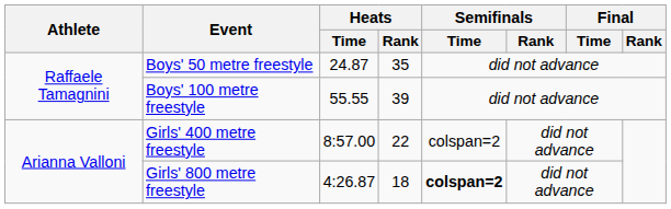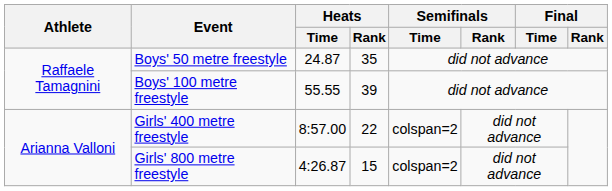 <table class=wikitable style="text-align:center;font-size:90%">
 <tr>
 <th rowspan=2>Athlete</th>
 <th rowspan=2>Event</th>
 <th colspan=2>Heats</th>
 <th colspan=2>Semifinals</th>
 <th colspan=2>Final</th>
 </tr>
 <tr style="font-size:95%">
 <th>Time</th>
 <th>Rank</th>
 <th>Time</th>
 <th>Rank</th>
 <th>Time</th>
 <th>Rank</th>
 </tr>
 <tr>
 <td rowspan=2><a href='#'>Raffaele Tamagnini</a></td>
 <td align=left><a href='#'>Boys' 50 metre freestyle</a></td>
 <td>24.87</td>
 <td>35</td>
 <td colspan=4><em>did not advance</em></td>
 </tr>
 <tr>
 <td align=left><a href='#'>Boys' 100 metre freestyle</a></td>
 <td>55.55</td>
 <td>39</td>
 <td colspan=4><em>did not advance</em></td>
 </tr>
 <tr>
 <td rowspan=2><a href='#'>Arianna Valloni</a></td>
 <td align=left><a href='#'>Girls' 400 metre freestyle</a></td>
 <td>8:57.00</td>
 <td>22</td>
 <td>colspan=2 </td>
 <td colspan=2><em>did not advance</em></td>
 </tr>
 <tr>
 <td align=left><a href='#'>Girls' 800 metre freestyle</a></td>
 <td>4:26.87</td>
-<td>18</td>
-<td><strong>colspan=2 </strong></td>
+<td>15</td>
+<td>colspan=2 </td>
 <td colspan=2><em>did not advance</em></td>
 </tr>
 </table>
